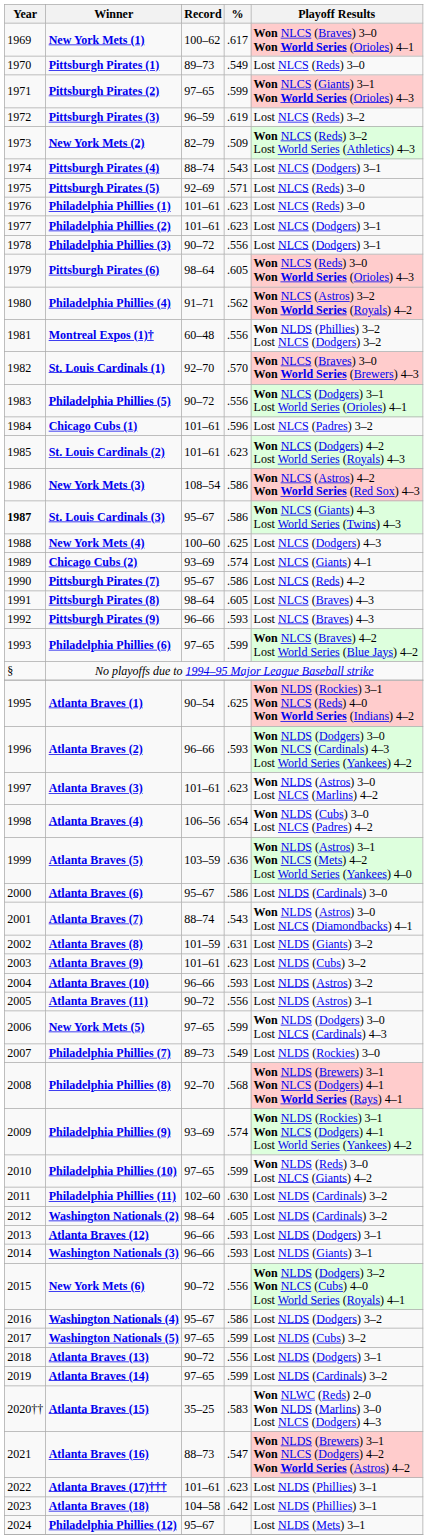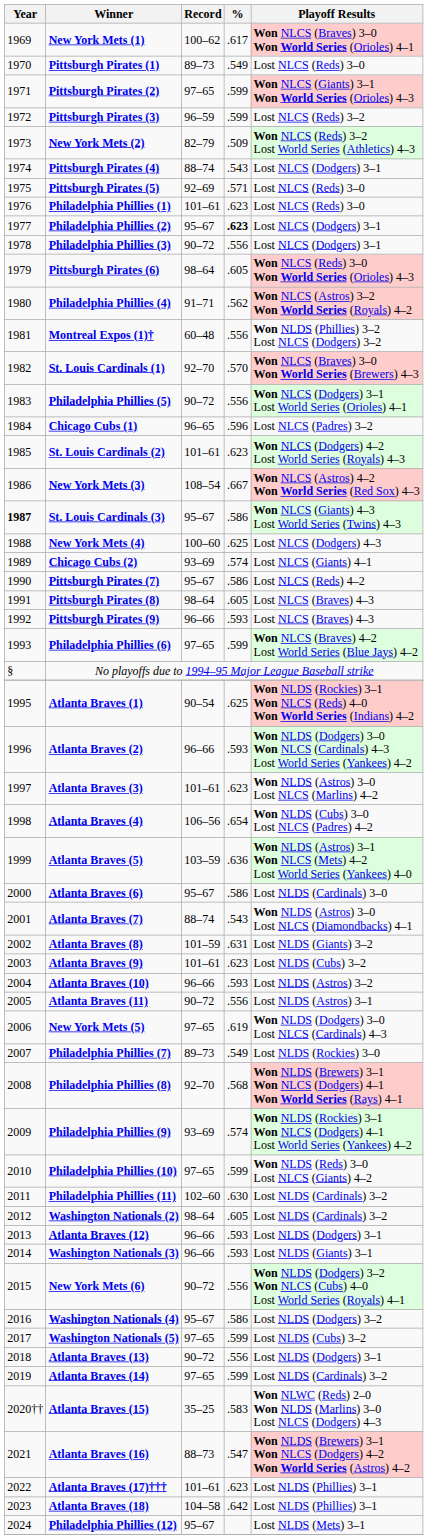 <table class="wikitable">
 <tr>
 <th>Year</th>
 <th>Winner</th>
 <th>Record</th>
 <th>%</th>
 <th>Playoff Results</th>
 </tr>
 <tr>
 <td>1969</td>
 <td><strong><a href='#'><span>New York Mets (1)</span></a></strong></td>
 <td>100–62</td>
 <td>.617</td>
 <td bgcolor="#ffcccc"><strong>Won</strong> <a href='#'>NLCS</a> (<a href='#'>Braves</a>) 3–0<br><strong>Won <a href='#'>World Series</a></strong> (<a href='#'>Orioles</a>) 4–1</td>
 </tr>
 <tr>
 <td>1970</td>
 <td><strong><a href='#'><span> Pittsburgh Pirates (1)</span></a></strong></td>
 <td>89–73</td>
 <td>.549</td>
 <td>Lost <a href='#'>NLCS</a> (<a href='#'>Reds</a>) 3–0</td>
 </tr>
 <tr>
 <td>1971</td>
 <td><strong><a href='#'><span> Pittsburgh Pirates (2)</span></a></strong></td>
 <td>97–65</td>
 <td>.599</td>
 <td bgcolor="#ffcccc"><strong>Won</strong> <a href='#'>NLCS</a> (<a href='#'>Giants</a>) 3–1<br><strong>Won <a href='#'>World Series</a></strong> (<a href='#'>Orioles</a>) 4–3</td>
 </tr>
 <tr>
 <td>1972</td>
 <td><strong><a href='#'><span> Pittsburgh Pirates (3)</span></a></strong></td>
 <td>96–59</td>
-<td>.619</td>
+<td>.599</td>
 <td>Lost <a href='#'>NLCS</a> (<a href='#'>Reds</a>) 3–2</td>
 </tr>
 <tr>
 <td>1973</td>
 <td><strong><a href='#'><span>New York Mets (2)</span></a></strong></td>
 <td>82–79</td>
 <td>.509</td>
 <td bgcolor="#ddffdd"><strong>Won</strong> <a href='#'>NLCS</a> (<a href='#'>Reds</a>) 3–2<br>Lost <a href='#'>World Series</a> (<a href='#'>Athletics</a>) 4–3</td>
 </tr>
 <tr>
 <td>1974</td>
 <td><strong><a href='#'><span> Pittsburgh Pirates (4)</span></a></strong></td>
 <td>88–74</td>
 <td>.543</td>
 <td>Lost <a href='#'>NLCS</a> (<a href='#'>Dodgers</a>) 3–1</td>
 </tr>
 <tr>
 <td>1975</td>
 <td><strong><a href='#'><span> Pittsburgh Pirates (5)</span></a></strong></td>
 <td>92–69</td>
 <td>.571</td>
 <td>Lost <a href='#'>NLCS</a> (<a href='#'>Reds</a>) 3–0</td>
 </tr>
 <tr>
 <td>1976</td>
 <td><strong><a href='#'><span>Philadelphia Phillies (1)</span></a></strong></td>
 <td>101–61</td>
 <td>.623</td>
 <td>Lost <a href='#'>NLCS</a> (<a href='#'>Reds</a>) 3–0</td>
 </tr>
 <tr>
 <td>1977</td>
 <td><strong><a href='#'><span>Philadelphia Phillies (2)</span></a></strong></td>
-<td>101–61</td>
-<td>.623</td>
+<td>95–67</td>
+<td><strong>.623</strong></td>
 <td>Lost <a href='#'>NLCS</a> (<a href='#'>Dodgers</a>) 3–1</td>
 </tr>
 <tr>
 <td>1978</td>
 <td><strong><a href='#'><span>Philadelphia Phillies (3)</span></a></strong></td>
 <td>90–72</td>
 <td>.556</td>
 <td>Lost <a href='#'>NLCS</a> (<a href='#'>Dodgers</a>) 3–1</td>
 </tr>
 <tr>
 <td>1979</td>
 <td><strong><a href='#'><span> Pittsburgh Pirates (6)</span></a></strong></td>
 <td>98–64</td>
 <td>.605</td>
 <td bgcolor="#ffcccc"><strong>Won</strong> <a href='#'>NLCS</a> (<a href='#'>Reds</a>) 3–0<br><strong>Won <a href='#'>World Series</a></strong> (<a href='#'>Orioles</a>) 4–3</td>
 </tr>
 <tr>
 <td>1980</td>
 <td><strong><a href='#'><span>Philadelphia Phillies (4)</span></a></strong></td>
 <td>91–71</td>
 <td>.562</td>
 <td bgcolor="#ffcccc"><strong>Won</strong> <a href='#'>NLCS</a> (<a href='#'>Astros</a>) 3–2<br><strong>Won <a href='#'>World Series</a></strong> (<a href='#'>Royals</a>) 4–2</td>
 </tr>
 <tr>
 <td>1981</td>
 <td><strong><a href='#'><span>Montreal Expos (1)†</span></a></strong></td>
 <td>60–48</td>
 <td>.556</td>
 <td><strong>Won</strong> <a href='#'>NLDS</a> (<a href='#'>Phillies</a>) 3–2<br>Lost <a href='#'>NLCS</a> (<a href='#'>Dodgers</a>) 3–2</td>
 </tr>
 <tr>
 <td>1982</td>
 <td><strong><a href='#'><span>St. Louis Cardinals (1)</span></a></strong></td>
 <td>92–70</td>
 <td>.570</td>
 <td bgcolor="#ffcccc"><strong>Won</strong> <a href='#'>NLCS</a> (<a href='#'>Braves</a>) 3–0<br><strong>Won <a href='#'>World Series</a></strong> (<a href='#'>Brewers</a>) 4–3</td>
 </tr>
 <tr>
 <td>1983</td>
 <td><strong><a href='#'><span>Philadelphia Phillies (5)</span></a></strong></td>
 <td>90–72</td>
 <td>.556</td>
 <td bgcolor="#ddffdd"><strong>Won</strong> <a href='#'>NLCS</a> (<a href='#'>Dodgers</a>) 3–1<br>Lost <a href='#'>World Series</a> (<a href='#'>Orioles</a>) 4–1</td>
 </tr>
 <tr>
 <td>1984</td>
 <td><strong><a href='#'><span> Chicago Cubs (1)</span></a></strong></td>
-<td>101–61</td>
+<td>96–65</td>
 <td>.596</td>
 <td>Lost <a href='#'>NLCS</a> (<a href='#'>Padres</a>) 3–2</td>
 </tr>
 <tr>
 <td>1985</td>
 <td><strong><a href='#'><span>St. Louis Cardinals (2)</span></a></strong></td>
 <td>101–61</td>
 <td>.623</td>
 <td bgcolor="#ddffdd"><strong>Won</strong> <a href='#'>NLCS</a> (<a href='#'>Dodgers</a>) 4–2<br>Lost <a href='#'>World Series</a> (<a href='#'>Royals</a>) 4–3</td>
 </tr>
 <tr>
 <td>1986</td>
 <td><strong><a href='#'><span>New York Mets (3)</span></a></strong></td>
 <td>108–54</td>
-<td>.586</td>
+<td>.667</td>
 <td bgcolor="#ffcccc"><strong>Won</strong> <a href='#'>NLCS</a> (<a href='#'>Astros</a>) 4–2<br><strong>Won <a href='#'>World Series</a></strong> (<a href='#'>Red Sox</a>) 4–3</td>
 </tr>
 <tr>
 <td><strong>1987</strong></td>
 <td><strong><a href='#'><span>St. Louis Cardinals (3)</span></a></strong></td>
 <td>95–67</td>
 <td>.586</td>
 <td bgcolor="#ddffdd"><strong>Won</strong> <a href='#'>NLCS</a> (<a href='#'>Giants</a>) 4–3<br>Lost <a href='#'>World Series</a> (<a href='#'>Twins</a>) 4–3</td>
 </tr>
 <tr>
 <td>1988</td>
 <td><strong><a href='#'><span>New York Mets (4)</span></a></strong></td>
 <td>100–60</td>
 <td>.625</td>
 <td>Lost <a href='#'>NLCS</a> (<a href='#'>Dodgers</a>) 4–3</td>
 </tr>
 <tr>
 <td>1989</td>
 <td><strong><a href='#'><span> Chicago Cubs (2)</span></a></strong></td>
 <td>93–69</td>
 <td>.574</td>
 <td>Lost <a href='#'>NLCS</a> (<a href='#'>Giants</a>) 4–1</td>
 </tr>
 <tr>
 <td>1990</td>
 <td><strong><a href='#'><span> Pittsburgh Pirates (7)</span></a></strong></td>
 <td>95–67</td>
 <td>.586</td>
 <td>Lost <a href='#'>NLCS</a> (<a href='#'>Reds</a>) 4–2</td>
 </tr>
 <tr>
 <td>1991</td>
 <td><strong><a href='#'><span> Pittsburgh Pirates (8)</span></a></strong></td>
 <td>98–64</td>
 <td>.605</td>
 <td>Lost <a href='#'>NLCS</a> (<a href='#'>Braves</a>) 4–3</td>
 </tr>
 <tr>
 <td>1992</td>
 <td><strong><a href='#'><span> Pittsburgh Pirates (9)</span></a></strong></td>
 <td>96–66</td>
 <td>.593</td>
 <td>Lost <a href='#'>NLCS</a> (<a href='#'>Braves</a>) 4–3</td>
 </tr>
 <tr>
 <td>1993</td>
 <td><strong><a href='#'><span>Philadelphia Phillies (6)</span></a></strong></td>
 <td>97–65</td>
 <td>.599</td>
 <td bgcolor="#ddffdd"><strong>Won</strong> <a href='#'>NLCS</a> (<a href='#'>Braves</a>) 4–2<br>Lost <a href='#'>World Series</a> (<a href='#'>Blue Jays</a>) 4–2</td>
 </tr>
 <tr>
 <td>§</td>
 <td colspan=4 align=center><em>No playoffs due to <a href='#'>1994–95 Major League Baseball strike</a></em></td>
 </tr>
 <tr>
 </tr>
 <tr>
 <td>1995</td>
 <td><strong><a href='#'><span>Atlanta Braves (1)</span></a></strong></td>
 <td>90–54</td>
 <td>.625</td>
 <td bgcolor="#ffcccc"><strong>Won</strong> <a href='#'>NLDS</a> (<a href='#'>Rockies</a>) 3–1<br><strong>Won</strong> <a href='#'>NLCS</a> (<a href='#'>Reds</a>) 4–0<br><strong>Won <a href='#'>World Series</a></strong> (<a href='#'>Indians</a>) 4–2</td>
 </tr>
 <tr>
 <td>1996</td>
 <td><strong><a href='#'><span>Atlanta Braves (2)</span></a></strong></td>
 <td>96–66</td>
 <td>.593</td>
 <td bgcolor="#ddffdd"><strong>Won</strong> <a href='#'>NLDS</a> (<a href='#'>Dodgers</a>) 3–0<br><strong>Won</strong> <a href='#'>NLCS</a> (<a href='#'>Cardinals</a>) 4–3<br>Lost <a href='#'>World Series</a> (<a href='#'>Yankees</a>) 4–2</td>
 </tr>
 <tr>
 <td>1997</td>
 <td><strong><a href='#'><span>Atlanta Braves (3)</span></a></strong></td>
 <td>101–61</td>
 <td>.623</td>
 <td><strong>Won</strong> <a href='#'>NLDS</a> (<a href='#'>Astros</a>) 3–0<br>Lost <a href='#'>NLCS</a> (<a href='#'>Marlins</a>) 4–2</td>
 </tr>
 <tr>
 <td>1998</td>
 <td><strong><a href='#'><span>Atlanta Braves (4)</span></a></strong></td>
 <td>106–56</td>
 <td>.654</td>
 <td><strong>Won</strong> <a href='#'>NLDS</a> (<a href='#'>Cubs</a>) 3–0<br>Lost <a href='#'>NLCS</a> (<a href='#'>Padres</a>) 4–2</td>
 </tr>
 <tr>
 <td>1999</td>
 <td><strong><a href='#'><span>Atlanta Braves (5)</span></a></strong></td>
 <td>103–59</td>
 <td>.636</td>
 <td bgcolor="#ddffdd"><strong>Won</strong> <a href='#'>NLDS</a> (<a href='#'>Astros</a>) 3–1<br><strong>Won</strong> <a href='#'>NLCS</a> (<a href='#'>Mets</a>) 4–2<br>Lost <a href='#'>World Series</a> (<a href='#'>Yankees</a>) 4–0</td>
 </tr>
 <tr>
 <td>2000</td>
 <td><strong><a href='#'><span>Atlanta Braves (6)</span></a></strong></td>
 <td>95–67</td>
 <td>.586</td>
 <td>Lost <a href='#'>NLDS</a> (<a href='#'>Cardinals</a>) 3–0</td>
 </tr>
 <tr>
 <td>2001</td>
 <td><strong><a href='#'><span>Atlanta Braves (7)</span></a></strong></td>
 <td>88–74</td>
 <td>.543</td>
 <td><strong>Won</strong> <a href='#'>NLDS</a> (<a href='#'>Astros</a>) 3–0<br>Lost <a href='#'>NLCS</a> (<a href='#'>Diamondbacks</a>) 4–1</td>
 </tr>
 <tr>
 <td>2002</td>
 <td><strong><a href='#'><span>Atlanta Braves (8)</span></a></strong></td>
 <td>101–59</td>
 <td>.631</td>
 <td>Lost <a href='#'>NLDS</a> (<a href='#'>Giants</a>) 3–2</td>
 </tr>
 <tr>
 <td>2003</td>
 <td><strong><a href='#'><span>Atlanta Braves (9)</span></a></strong></td>
 <td>101–61</td>
 <td>.623</td>
 <td>Lost <a href='#'>NLDS</a> (<a href='#'>Cubs</a>) 3–2</td>
 </tr>
 <tr>
 <td>2004</td>
 <td><strong><a href='#'><span>Atlanta Braves (10)</span></a></strong></td>
 <td>96–66</td>
 <td>.593</td>
 <td>Lost <a href='#'>NLDS</a> (<a href='#'>Astros</a>) 3–2</td>
 </tr>
 <tr>
 <td>2005</td>
 <td><strong><a href='#'><span>Atlanta Braves (11)</span></a></strong></td>
 <td>90–72</td>
 <td>.556</td>
 <td>Lost <a href='#'>NLDS</a> (<a href='#'>Astros</a>) 3–1</td>
 </tr>
 <tr>
 <td>2006</td>
 <td><strong><a href='#'><span>New York Mets (5)</span></a></strong></td>
 <td>97–65</td>
-<td>.599</td>
+<td>.619</td>
 <td><strong>Won</strong> <a href='#'>NLDS</a> (<a href='#'>Dodgers</a>) 3–0<br>Lost <a href='#'>NLCS</a> (<a href='#'>Cardinals</a>) 4–3</td>
 </tr>
 <tr>
 <td>2007</td>
 <td><strong><a href='#'><span>Philadelphia Phillies (7)</span></a></strong></td>
 <td>89–73</td>
 <td>.549</td>
 <td>Lost <a href='#'>NLDS</a> (<a href='#'>Rockies</a>) 3–0</td>
 </tr>
 <tr>
 <td>2008</td>
 <td><strong><a href='#'><span>Philadelphia Phillies (8)</span></a></strong></td>
 <td>92–70</td>
 <td>.568</td>
 <td bgcolor="#ffcccc"><strong>Won</strong> <a href='#'>NLDS</a> (<a href='#'>Brewers</a>) 3–1<br><strong>Won</strong> <a href='#'>NLCS</a> (<a href='#'>Dodgers</a>) 4–1<br><strong>Won <a href='#'>World Series</a></strong> (<a href='#'>Rays</a>) 4–1</td>
 </tr>
 <tr>
 <td>2009</td>
 <td><strong><a href='#'><span>Philadelphia Phillies (9)</span></a></strong></td>
 <td>93–69</td>
 <td>.574</td>
 <td bgcolor="#ddffdd"><strong>Won</strong> <a href='#'>NLDS</a> (<a href='#'>Rockies</a>) 3–1<br><strong>Won</strong> <a href='#'>NLCS</a> (<a href='#'>Dodgers</a>) 4–1<br>Lost <a href='#'>World Series</a> (<a href='#'>Yankees</a>) 4–2</td>
 </tr>
 <tr>
 <td>2010</td>
 <td><strong><a href='#'><span>Philadelphia Phillies (10)</span></a></strong></td>
 <td>97–65</td>
 <td>.599</td>
 <td><strong>Won</strong> <a href='#'>NLDS</a> (<a href='#'>Reds</a>) 3–0<br>Lost <a href='#'>NLCS</a> (<a href='#'>Giants</a>) 4–2</td>
 </tr>
 <tr>
 <td>2011</td>
 <td><strong><a href='#'><span>Philadelphia Phillies (11)</span></a></strong></td>
 <td>102–60</td>
 <td>.630</td>
 <td>Lost <a href='#'>NLDS</a> (<a href='#'>Cardinals</a>) 3–2</td>
 </tr>
 <tr>
 <td>2012</td>
 <td><strong><a href='#'><span>Washington Nationals (2)</span></a></strong></td>
 <td>98–64</td>
 <td>.605</td>
 <td>Lost <a href='#'>NLDS</a> (<a href='#'>Cardinals</a>) 3–2</td>
 </tr>
 <tr>
 <td>2013</td>
 <td><strong><a href='#'><span>Atlanta Braves (12)</span></a></strong></td>
 <td>96–66</td>
 <td>.593</td>
 <td>Lost <a href='#'>NLDS</a> (<a href='#'>Dodgers</a>) 3–1</td>
 </tr>
 <tr>
 <td>2014</td>
 <td><strong><a href='#'><span>Washington Nationals (3)</span></a></strong></td>
 <td>96–66</td>
 <td>.593</td>
 <td>Lost <a href='#'>NLDS</a> (<a href='#'>Giants</a>) 3–1</td>
 </tr>
 <tr>
 <td>2015</td>
 <td><strong><a href='#'><span>New York Mets (6)</span></a></strong></td>
 <td>90–72</td>
 <td>.556</td>
 <td bgcolor="#ddffdd"><strong>Won</strong> <a href='#'>NLDS</a> (<a href='#'>Dodgers</a>) 3–2<br><strong>Won</strong> <a href='#'>NLCS</a> (<a href='#'>Cubs</a>) 4–0<br>Lost <a href='#'>World Series</a> (<a href='#'>Royals</a>) 4–1</td>
 </tr>
 <tr>
 <td>2016</td>
 <td><strong><a href='#'><span>Washington Nationals (4)</span></a></strong></td>
 <td>95–67</td>
 <td>.586</td>
 <td>Lost <a href='#'>NLDS</a> (<a href='#'>Dodgers</a>) 3–2</td>
 </tr>
 <tr>
 <td>2017</td>
 <td><strong><a href='#'><span>Washington Nationals (5)</span></a></strong></td>
 <td>97–65</td>
 <td>.599</td>
 <td>Lost <a href='#'>NLDS</a> (<a href='#'>Cubs</a>) 3–2</td>
 </tr>
 <tr>
 <td>2018</td>
 <td><strong><a href='#'><span>Atlanta Braves (13)</span></a></strong></td>
 <td>90–72</td>
 <td>.556</td>
 <td>Lost <a href='#'>NLDS</a> (<a href='#'>Dodgers</a>) 3–1</td>
 </tr>
 <tr>
 <td>2019</td>
 <td><strong><a href='#'><span>Atlanta Braves (14)</span></a></strong></td>
 <td>97–65</td>
 <td>.599</td>
 <td>Lost <a href='#'>NLDS</a> (<a href='#'>Cardinals</a>) 3–2</td>
 </tr>
 <tr>
 <td>2020††</td>
 <td><strong><a href='#'><span>Atlanta Braves (15)</span></a></strong></td>
 <td>35–25</td>
 <td>.583</td>
 <td><strong>Won</strong> <a href='#'>NLWC</a> (<a href='#'>Reds</a>) 2–0<br> <strong>Won</strong> <a href='#'>NLDS</a> (<a href='#'>Marlins</a>) 3–0<br> Lost <a href='#'>NLCS</a> (<a href='#'>Dodgers</a>) 4–3</td>
 </tr>
 <tr>
 <td>2021</td>
 <td><strong><a href='#'><span>Atlanta Braves (16)</span></a></strong></td>
 <td>88–73</td>
 <td>.547</td>
 <td bgcolor="#ffcccc"><strong>Won</strong> <a href='#'>NLDS</a> (<a href='#'>Brewers</a>) 3–1<br><strong>Won</strong> <a href='#'>NLCS</a> (<a href='#'>Dodgers</a>) 4–2<br><strong>Won <a href='#'>World Series</a></strong> (<a href='#'>Astros</a>) 4–2</td>
 </tr>
 <tr>
 <td>2022</td>
 <td><strong><a href='#'><span>Atlanta Braves (17)†††</span></a></strong></td>
 <td>101–61</td>
 <td>.623</td>
 <td>Lost <a href='#'>NLDS</a> (<a href='#'>Phillies</a>) 3–1</td>
 </tr>
 <tr>
 <td>2023</td>
 <td><strong><a href='#'><span>Atlanta Braves (18)</span></a></strong></td>
 <td>104–58</td>
 <td>.642</td>
 <td>Lost <a href='#'>NLDS</a> (<a href='#'>Phillies</a>) 3–1</td>
 </tr>
 <tr>
 <td>2024</td>
 <td><strong><a href='#'><span>Philadelphia Phillies (12)</span></a></strong></td>
 <td>95–67</td>
 <td></td>
 <td>Lost <a href='#'>NLDS</a> (<a href='#'>Mets</a>) 3–1</td>
 </tr>
 <tr>
 </tr>
 </table>
